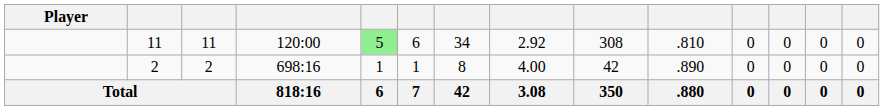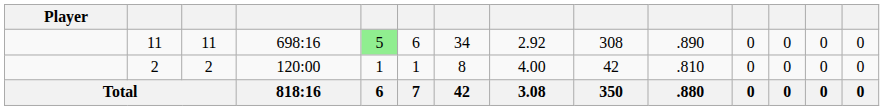 <table class="wikitable sortable" style="width:100%;">
 <tr style="text-align:center; background:#ddd;">
 <th>Player</th>
 <th></th>
 <th></th>
 <th></th>
 <th></th>
 <th></th>
 <th></th>
 <th></th>
 <th></th>
 <th></th>
 <th></th>
 <th></th>
 <th></th>
 <th></th>
 </tr>
 <tr align=center>
 <td></td>
 <td>11</td>
 <td>11</td>
-<td>120:00</td>
+<td>698:16</td>
 <td style="background: lightgreen;">5</td>
 <td>6</td>
 <td>34</td>
 <td>2.92</td>
 <td>308</td>
-<td>.810</td>
+<td>.890</td>
 <td>0</td>
 <td>0</td>
 <td>0</td>
 <td>0</td>
 </tr>
 <tr align=center>
 <td></td>
 <td>2</td>
 <td>2</td>
-<td>698:16</td>
+<td>120:00</td>
 <td>1</td>
 <td>1</td>
 <td>8</td>
 <td>4.00</td>
 <td>42</td>
-<td>.890</td>
+<td>.810</td>
 <td>0</td>
 <td>0</td>
 <td>0</td>
 <td>0</td>
 </tr>
 <tr class="sortbotom">
 <th colspan=3>Total</th>
 <th>818:16</th>
 <th>6</th>
 <th>7</th>
 <th>42</th>
 <th>3.08</th>
 <th>350</th>
 <th>.880</th>
 <th>0</th>
 <th>0</th>
 <th>0</th>
 <th>0</th>
 </tr>
 </table>
